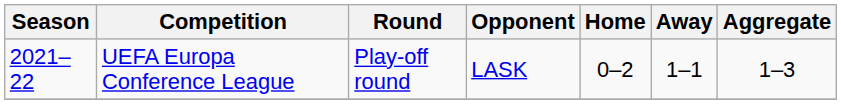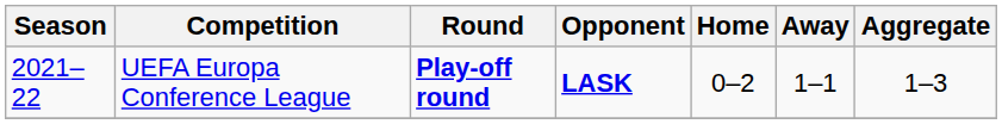 <table class="wikitable">
 <tr>
 <th>Season</th>
 <th>Competition</th>
 <th>Round</th>
 <th>Opponent</th>
 <th>Home</th>
 <th>Away</th>
 <th>Aggregate</th>
 </tr>
 <tr>
 <td><a href='#'>2021–22</a></td>
 <td><a href='#'>UEFA Europa Conference League</a></td>
-<td><a href='#'>Play-off round</a></td>
-<td> <a href='#'>LASK</a></td>
+<td><strong><a href='#'>Play-off round</a></strong></td>
+<td><strong> <a href='#'>LASK</a></strong></td>
 <td align="center">0–2</td>
 <td align="center">1–1</td>
 <td align="center">1–3</td>
 </tr>
 <tr>
 </tr>
 </table>
